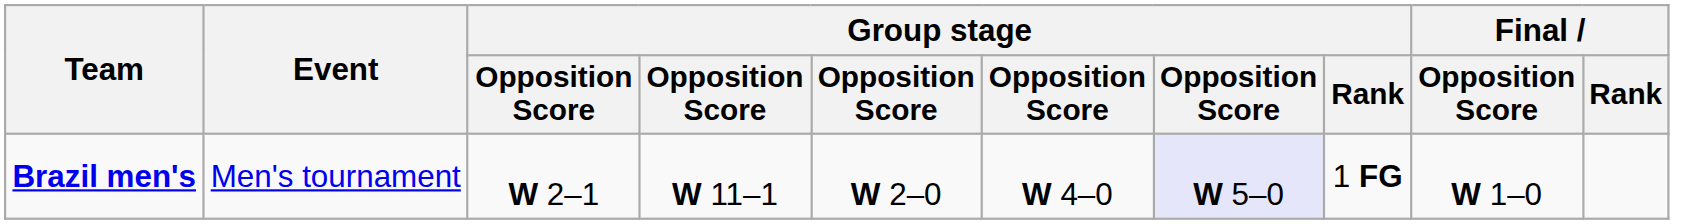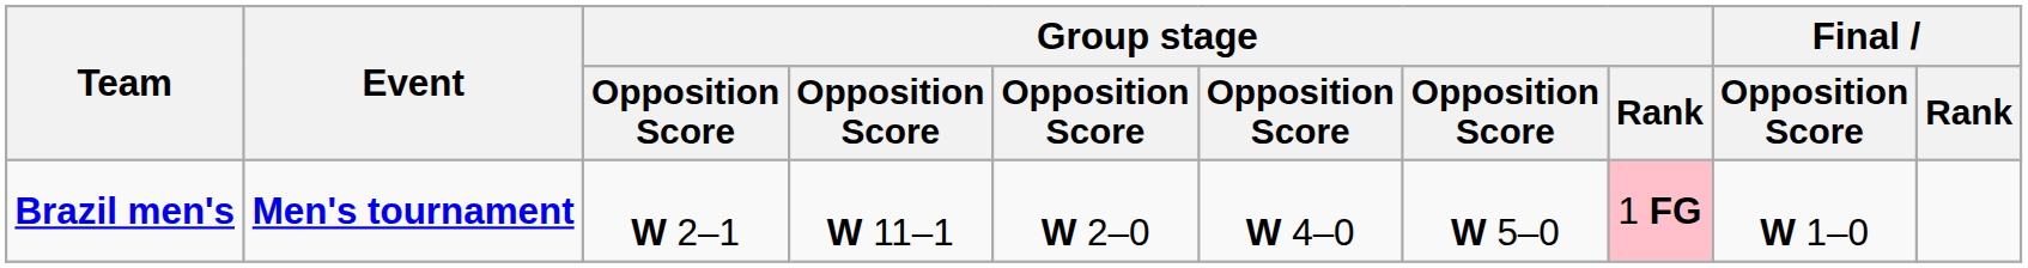 <table class="wikitable" style="font-size:90%;text-align:center">
 <tr>
 <th rowspan="2">Team</th>
 <th rowspan="2">Event</th>
 <th colspan="6">Group stage</th>
 <th colspan="2">Final / </th>
 </tr>
 <tr style="font-size:95%">
 <th>Opposition<br>Score</th>
 <th>Opposition<br>Score</th>
 <th>Opposition<br>Score</th>
 <th>Opposition<br>Score</th>
 <th>Opposition<br>Score</th>
 <th>Rank</th>
 <th>Opposition<br>Score</th>
 <th>Rank</th>
 </tr>
 <tr>
 <td align=left><strong><a href='#'>Brazil men's</a></strong></td>
-<td align=left><a href='#'>Men's tournament</a></td>
+<td align=left><strong><a href='#'>Men's tournament</a></strong></td>
 <td><br><strong>W</strong> 2–1</td>
 <td><br><strong>W</strong> 11–1</td>
 <td><br><strong>W</strong> 2–0</td>
 <td><br><strong>W</strong> 4–0</td>
-<td style="background: lavender;"><br><strong>W</strong> 5–0</td>
-<td>1 <strong>FG</strong></td>
+<td><br><strong>W</strong> 5–0</td>
+<td style="background: pink;">1 <strong>FG</strong></td>
 <td><br><strong>W</strong> 1–0 </td>
 <td></td>
 </tr>
 </table>
